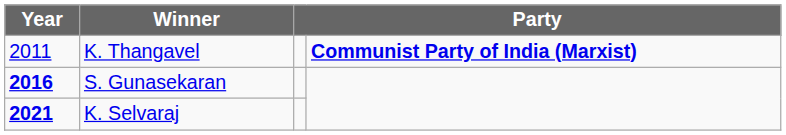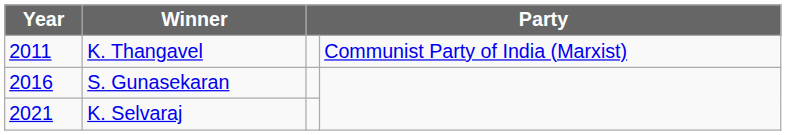 <table class="wikitable" width="50%">
 <tr>
 <th style="background-color:#666666; color:white">Year</th>
 <th style="background-color:#666666; color:white">Winner</th>
 <th style="background-color:#666666; color:white" colspan="2">Party</th>
 </tr>
 <tr>
 <td><a href='#'>2011</a></td>
 <td><a href='#'>K. Thangavel</a></td>
 <td></td>
-<td><strong><a href='#'>Communist Party of India (Marxist)</a></strong></td>
+<td><a href='#'>Communist Party of India (Marxist)</a></td>
 </tr>
 <tr>
-<td><strong><a href='#'>2016</a></strong></td>
+<td><a href='#'>2016</a></td>
 <td><a href='#'>S. Gunasekaran</a></td>
 <td></td>
 </tr>
 <tr>
-<td><strong><a href='#'>2021</a></strong></td>
+<td><a href='#'>2021</a></td>
 <td><a href='#'>K. Selvaraj</a></td>
 <td></td>
 </tr>
 </table>
